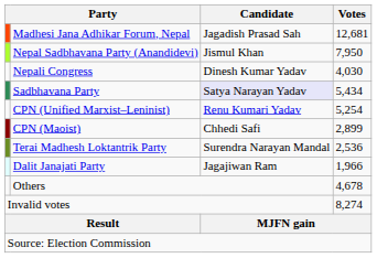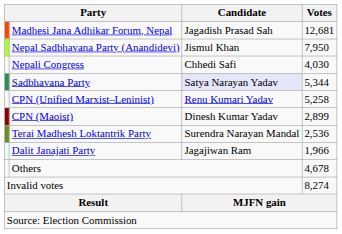 <table class="wikitable">
 <tr>
 <th colspan="2">Party</th>
 <th>Candidate</th>
 <th>Votes</th>
 </tr>
 <tr>
 <td style="background-color:orangered"></td>
 <td><a href='#'>Madhesi Jana Adhikar Forum, Nepal</a></td>
 <td>Jagadish Prasad Sah</td>
 <td>12,681</td>
 </tr>
 <tr>
 <td style="background-color:greenyellow"></td>
 <td><a href='#'>Nepal Sadbhavana Party (Anandidevi)</a></td>
 <td>Jismul Khan</td>
 <td>7,950</td>
 </tr>
 <tr>
 <td style="background-color:"></td>
 <td><a href='#'>Nepali Congress</a></td>
-<td>Dinesh Kumar Yadav</td>
+<td>Chhedi Safi</td>
 <td>4,030</td>
 </tr>
 <tr>
 <td style="background-color:seagreen"></td>
 <td><a href='#'>Sadbhavana Party</a></td>
 <td style="background: lavender;">Satya Narayan Yadav</td>
-<td>5,434</td>
+<td>5,344</td>
 </tr>
 <tr>
 <td style="background-color:"></td>
 <td><a href='#'>CPN (Unified Marxist–Leninist)</a></td>
 <td><a href='#'>Renu Kumari Yadav</a></td>
-<td>5,254</td>
+<td>5,258</td>
 </tr>
 <tr>
 <td style="background-color:darkred"></td>
 <td><a href='#'>CPN (Maoist)</a></td>
-<td>Chhedi Safi</td>
+<td>Dinesh Kumar Yadav</td>
 <td>2,899</td>
 </tr>
 <tr>
 <td style="background-color:olivedrab"></td>
 <td><a href='#'>Terai Madhesh Loktantrik Party</a></td>
 <td>Surendra Narayan Mandal</td>
 <td>2,536</td>
 </tr>
 <tr>
 <td style="background-color:#e0ffff"></td>
 <td><a href='#'>Dalit Janajati Party</a></td>
 <td>Jagajiwan Ram</td>
 <td>1,966</td>
 </tr>
 <tr>
 <td></td>
 <td colspan="2">Others</td>
 <td>4,678</td>
 </tr>
 <tr>
 <td colspan="3">Invalid votes</td>
 <td>8,274</td>
 </tr>
 <tr>
 <th colspan="2">Result</th>
 <th colspan="2">MJFN gain</th>
 </tr>
 <tr>
 <td colspan="4">Source: Election Commission</td>
 </tr>
 </table>
